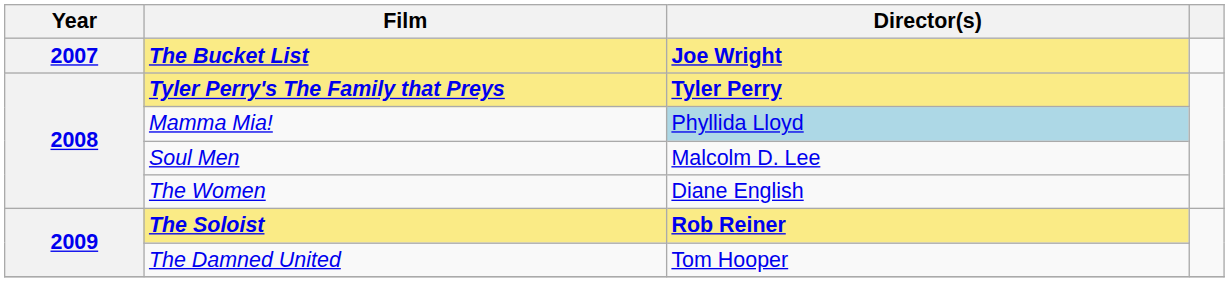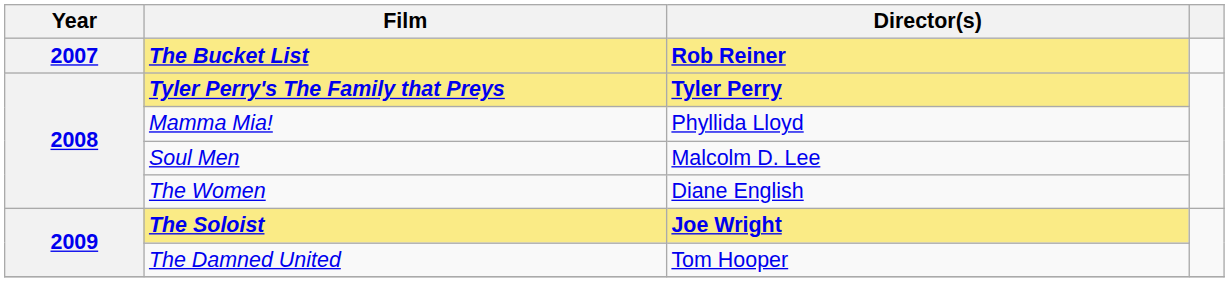 <table class="wikitable">
 <tr>
 <th scope="col" style="width:8%;">Year</th>
 <th scope="col" style="width:30%;">Film</th>
 <th scope="col" style="width:30%;">Director(s)</th>
 <th scope="col" style="width:2%;" class="unsortable"></th>
 </tr>
 <tr>
 <th scope="row" rowspan=1 style="text-align:center;"><a href='#'>2007</a><br></th>
 <td style="background:#FAEB86;"><strong><em><a href='#'>The Bucket List</a></em></strong></td>
-<td style="background:#FAEB86;"><strong><a href='#'>Joe Wright</a></strong></td>
+<td style="background:#FAEB86;"><strong><a href='#'>Rob Reiner</a></strong></td>
 <td rowspan="1"></td>
 </tr>
 <tr>
 <th scope="row" rowspan=4 style="text-align:center;"><a href='#'>2008</a><br></th>
 <td style="background:#FAEB86;"><strong><em><a href='#'>Tyler Perry's The Family that Preys</a></em></strong></td>
 <td style="background:#FAEB86;"><strong><a href='#'>Tyler Perry</a></strong></td>
 <td rowspan="4"></td>
 </tr>
 <tr>
 <td><em><a href='#'>Mamma Mia!</a></em></td>
-<td style="background: lightblue;"><a href='#'>Phyllida Lloyd</a></td>
+<td><a href='#'>Phyllida Lloyd</a></td>
 </tr>
 <tr>
 <td><em><a href='#'>Soul Men</a></em></td>
 <td><a href='#'>Malcolm D. Lee</a></td>
 </tr>
 <tr>
 <td><em><a href='#'>The Women</a></em></td>
 <td><a href='#'>Diane English</a></td>
 </tr>
 <tr>
 <th scope="row" rowspan=2 style="text-align:center;"><a href='#'>2009</a><br></th>
 <td style="background:#FAEB86;"><strong><em><a href='#'>The Soloist</a></em></strong></td>
-<td style="background:#FAEB86;"><strong><a href='#'>Rob Reiner</a></strong></td>
+<td style="background:#FAEB86;"><strong><a href='#'>Joe Wright</a></strong></td>
 <td rowspan="2"></td>
 </tr>
 <tr>
 <td><em><a href='#'>The Damned United</a></em></td>
 <td><a href='#'>Tom Hooper</a></td>
 </tr>
 <tr>
 </tr>
 </table>
